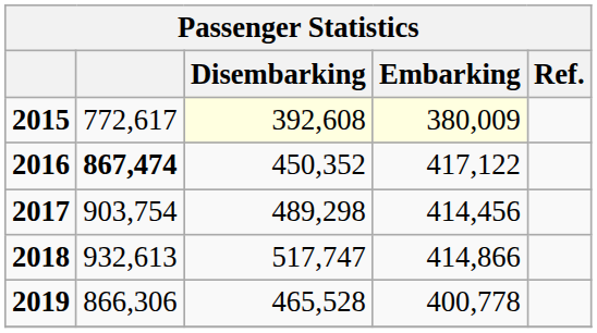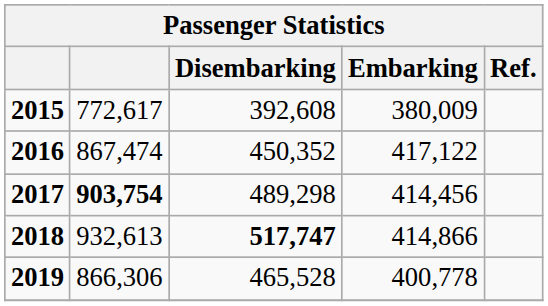 <table class="wikitable" padding="2px" style="text-align:right; ">
 <tr>
 <th colspan="11">Passenger Statistics</th>
 </tr>
 <tr>
 <th></th>
 <th></th>
 <th>Disembarking</th>
 <th>Embarking</th>
 <th>Ref.</th>
 </tr>
 <tr>
 <td><strong>2015</strong></td>
 <td>772,617</td>
-<td style="background: lightyellow;">392,608</td>
-<td style="background: lightyellow;">380,009</td>
+<td>392,608</td>
+<td>380,009</td>
 <td></td>
 </tr>
 <tr>
 <td><strong>2016</strong></td>
-<td><strong>867,474</strong></td>
+<td>867,474</td>
 <td>450,352</td>
 <td>417,122</td>
 <td></td>
 </tr>
 <tr>
 <td><strong>2017</strong></td>
-<td>903,754</td>
+<td><strong>903,754</strong></td>
 <td>489,298</td>
 <td>414,456</td>
 <td></td>
 </tr>
 <tr>
 <td><strong>2018</strong></td>
 <td>932,613</td>
-<td>517,747</td>
+<td><strong>517,747</strong></td>
 <td>414,866</td>
 <td></td>
 </tr>
 <tr>
 <td><strong>2019</strong></td>
 <td>866,306</td>
 <td>465,528</td>
 <td>400,778</td>
 <td></td>
 </tr>
 <tr>
 </tr>
 </table>
